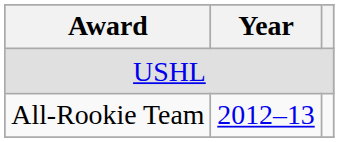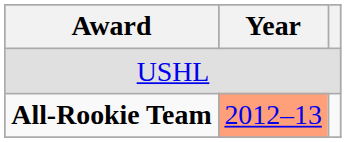 <table class="wikitable">
 <tr>
 <th>Award</th>
 <th>Year</th>
 <th></th>
 </tr>
 <tr ALIGN="center" bgcolor="#e0e0e0">
 <td colspan="3"><a href='#'>USHL</a></td>
 </tr>
 <tr>
-<td>All-Rookie Team</td>
-<td><a href='#'>2012–13</a></td>
+<td><strong>All-Rookie Team</strong></td>
+<td style="background: lightsalmon;"><a href='#'>2012–13</a></td>
 <td></td>
 </tr>
 </table>
